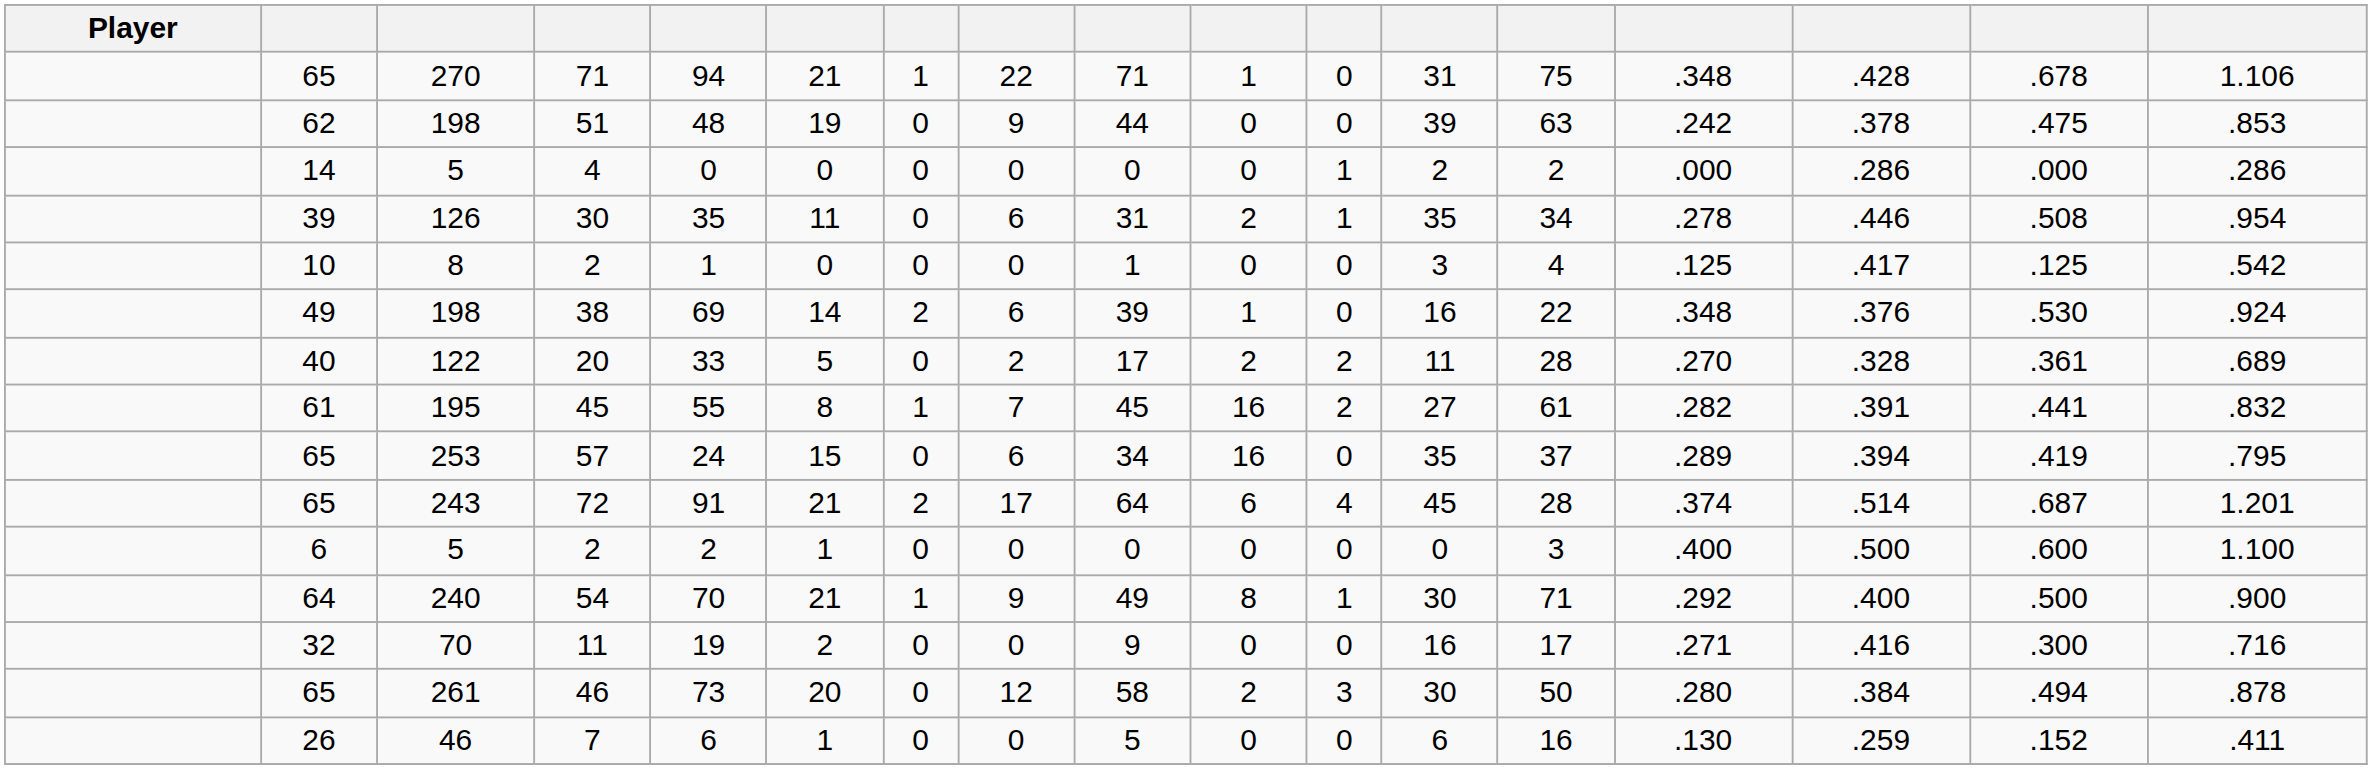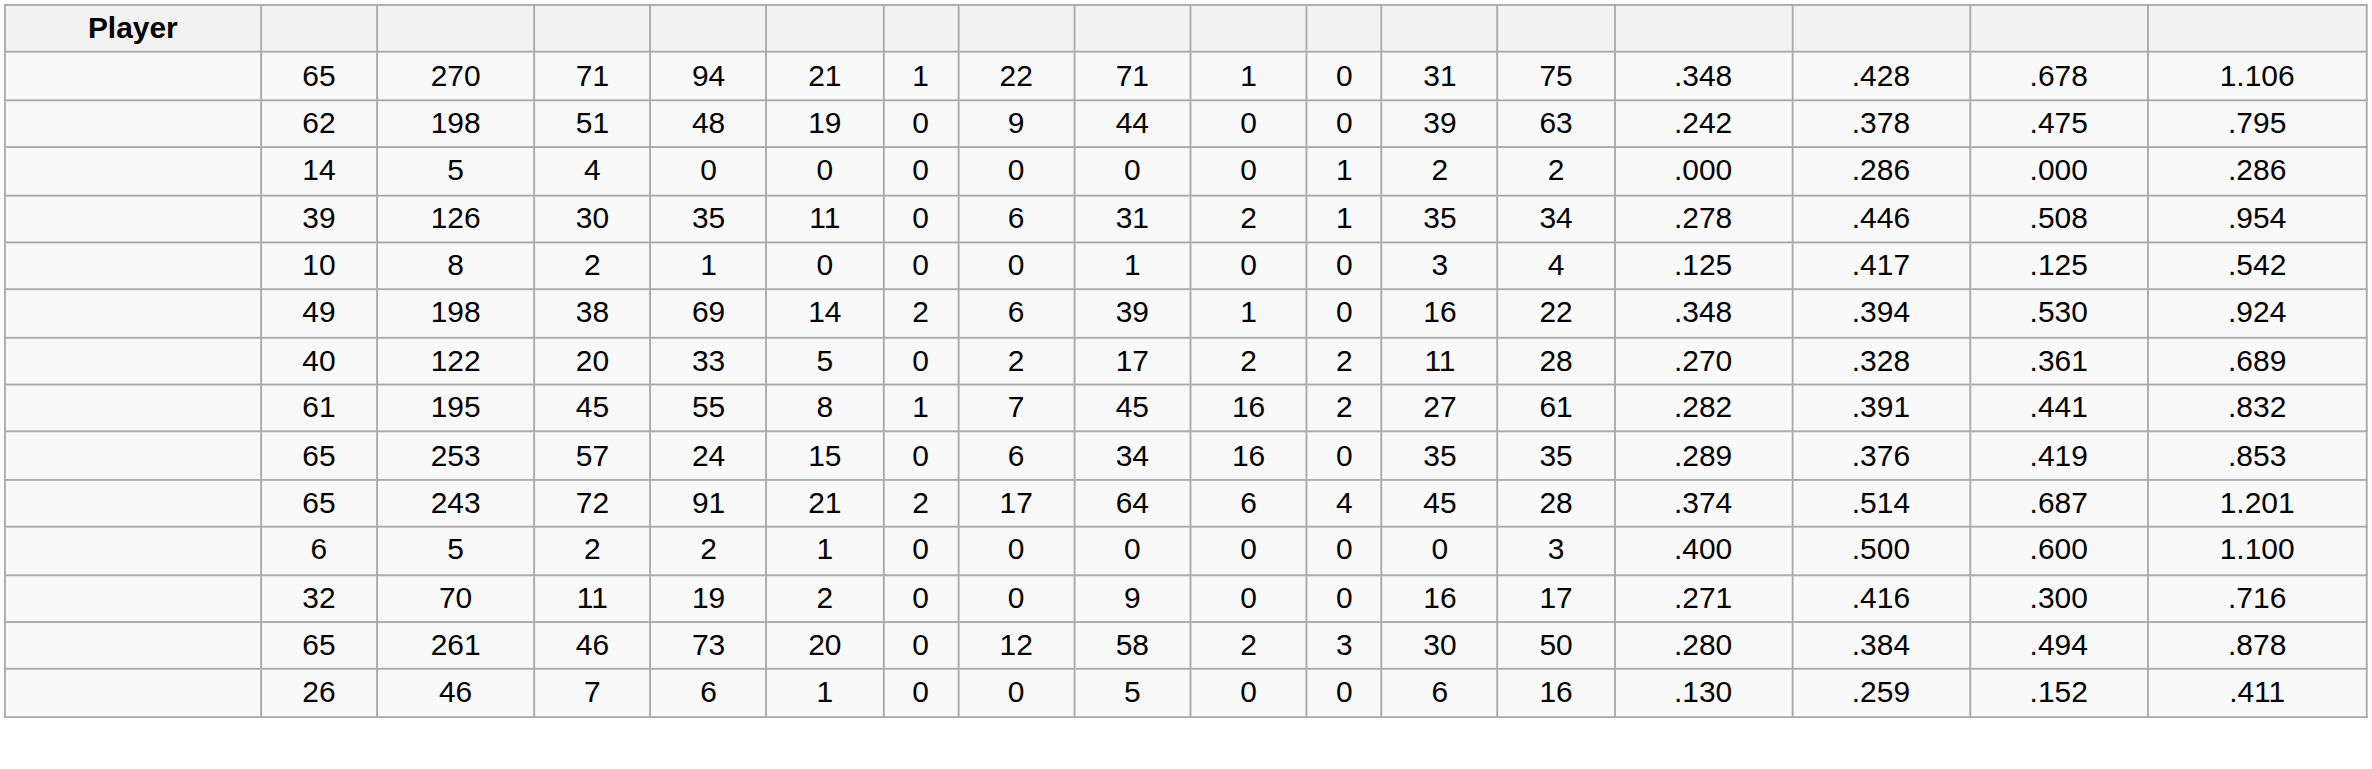 <table class="wikitable sortable" style="text-align:center; width: 100%">
 <tr>
 <th>Player</th>
 <th></th>
 <th></th>
 <th></th>
 <th></th>
 <th></th>
 <th></th>
 <th></th>
 <th></th>
 <th></th>
 <th></th>
 <th></th>
 <th></th>
 <th></th>
 <th></th>
 <th></th>
 <th></th>
 </tr>
 <tr>
 <td></td>
 <td>65</td>
 <td>270</td>
 <td>71</td>
 <td>94</td>
 <td>21</td>
 <td>1</td>
 <td>22</td>
 <td>71</td>
 <td>1</td>
 <td>0</td>
 <td>31</td>
 <td>75</td>
 <td>.348</td>
 <td>.428</td>
 <td>.678</td>
 <td>1.106</td>
 </tr>
 <tr>
 <td></td>
 <td>62</td>
 <td>198</td>
 <td>51</td>
 <td>48</td>
 <td>19</td>
 <td>0</td>
 <td>9</td>
 <td>44</td>
 <td>0</td>
 <td>0</td>
 <td>39</td>
 <td>63</td>
 <td>.242</td>
 <td>.378</td>
 <td>.475</td>
-<td>.853</td>
+<td>.795</td>
 </tr>
 <tr>
 <td></td>
 <td>14</td>
 <td>5</td>
 <td>4</td>
 <td>0</td>
 <td>0</td>
 <td>0</td>
 <td>0</td>
 <td>0</td>
 <td>0</td>
 <td>1</td>
 <td>2</td>
 <td>2</td>
 <td>.000</td>
 <td>.286</td>
 <td>.000</td>
 <td>.286</td>
 </tr>
 <tr>
 <td></td>
 <td>39</td>
 <td>126</td>
 <td>30</td>
 <td>35</td>
 <td>11</td>
 <td>0</td>
 <td>6</td>
 <td>31</td>
 <td>2</td>
 <td>1</td>
 <td>35</td>
 <td>34</td>
 <td>.278</td>
 <td>.446</td>
 <td>.508</td>
 <td>.954</td>
 </tr>
 <tr>
 <td></td>
 <td>10</td>
 <td>8</td>
 <td>2</td>
 <td>1</td>
 <td>0</td>
 <td>0</td>
 <td>0</td>
 <td>1</td>
 <td>0</td>
 <td>0</td>
 <td>3</td>
 <td>4</td>
 <td>.125</td>
 <td>.417</td>
 <td>.125</td>
 <td>.542</td>
 </tr>
 <tr>
 <td></td>
 <td>49</td>
 <td>198</td>
 <td>38</td>
 <td>69</td>
 <td>14</td>
 <td>2</td>
 <td>6</td>
 <td>39</td>
 <td>1</td>
 <td>0</td>
 <td>16</td>
 <td>22</td>
 <td>.348</td>
-<td>.376</td>
+<td>.394</td>
 <td>.530</td>
 <td>.924</td>
 </tr>
 <tr>
 <td></td>
 <td>40</td>
 <td>122</td>
 <td>20</td>
 <td>33</td>
 <td>5</td>
 <td>0</td>
 <td>2</td>
 <td>17</td>
 <td>2</td>
 <td>2</td>
 <td>11</td>
 <td>28</td>
 <td>.270</td>
 <td>.328</td>
 <td>.361</td>
 <td>.689</td>
 </tr>
 <tr>
 <td></td>
 <td>61</td>
 <td>195</td>
 <td>45</td>
 <td>55</td>
 <td>8</td>
 <td>1</td>
 <td>7</td>
 <td>45</td>
 <td>16</td>
 <td>2</td>
 <td>27</td>
 <td>61</td>
 <td>.282</td>
 <td>.391</td>
 <td>.441</td>
 <td>.832</td>
 </tr>
 <tr>
 <td></td>
 <td>65</td>
 <td>253</td>
 <td>57</td>
 <td>24</td>
 <td>15</td>
 <td>0</td>
 <td>6</td>
 <td>34</td>
 <td>16</td>
 <td>0</td>
 <td>35</td>
-<td>37</td>
+<td>35</td>
 <td>.289</td>
-<td>.394</td>
+<td>.376</td>
 <td>.419</td>
-<td>.795</td>
+<td>.853</td>
 </tr>
 <tr>
 <td></td>
 <td>65</td>
 <td>243</td>
 <td>72</td>
 <td>91</td>
 <td>21</td>
 <td>2</td>
 <td>17</td>
 <td>64</td>
 <td>6</td>
 <td>4</td>
 <td>45</td>
 <td>28</td>
 <td>.374</td>
 <td>.514</td>
 <td>.687</td>
 <td>1.201</td>
 </tr>
 <tr>
 <td></td>
 <td>6</td>
 <td>5</td>
 <td>2</td>
 <td>2</td>
 <td>1</td>
 <td>0</td>
 <td>0</td>
 <td>0</td>
 <td>0</td>
 <td>0</td>
 <td>0</td>
 <td>3</td>
 <td>.400</td>
 <td>.500</td>
 <td>.600</td>
 <td>1.100</td>
-</tr>
-<tr>
-<td></td>
-<td>64</td>
-<td>240</td>
-<td>54</td>
-<td>70</td>
-<td>21</td>
-<td>1</td>
-<td>9</td>
-<td>49</td>
-<td>8</td>
-<td>1</td>
-<td>30</td>
-<td>71</td>
-<td>.292</td>
-<td>.400</td>
-<td>.500</td>
-<td>.900</td>
 </tr>
 <tr>
 <td></td>
 <td>32</td>
 <td>70</td>
 <td>11</td>
 <td>19</td>
 <td>2</td>
 <td>0</td>
 <td>0</td>
 <td>9</td>
 <td>0</td>
 <td>0</td>
 <td>16</td>
 <td>17</td>
 <td>.271</td>
 <td>.416</td>
 <td>.300</td>
 <td>.716</td>
 </tr>
 <tr>
 <td></td>
 <td>65</td>
 <td>261</td>
 <td>46</td>
 <td>73</td>
 <td>20</td>
 <td>0</td>
 <td>12</td>
 <td>58</td>
 <td>2</td>
 <td>3</td>
 <td>30</td>
 <td>50</td>
 <td>.280</td>
 <td>.384</td>
 <td>.494</td>
 <td>.878</td>
 </tr>
 <tr>
 <td></td>
 <td>26</td>
 <td>46</td>
 <td>7</td>
 <td>6</td>
 <td>1</td>
 <td>0</td>
 <td>0</td>
 <td>5</td>
 <td>0</td>
 <td>0</td>
 <td>6</td>
 <td>16</td>
 <td>.130</td>
 <td>.259</td>
 <td>.152</td>
 <td>.411</td>
 </tr>
 <tr class="sortbottom">
 </tr>
 </table>
